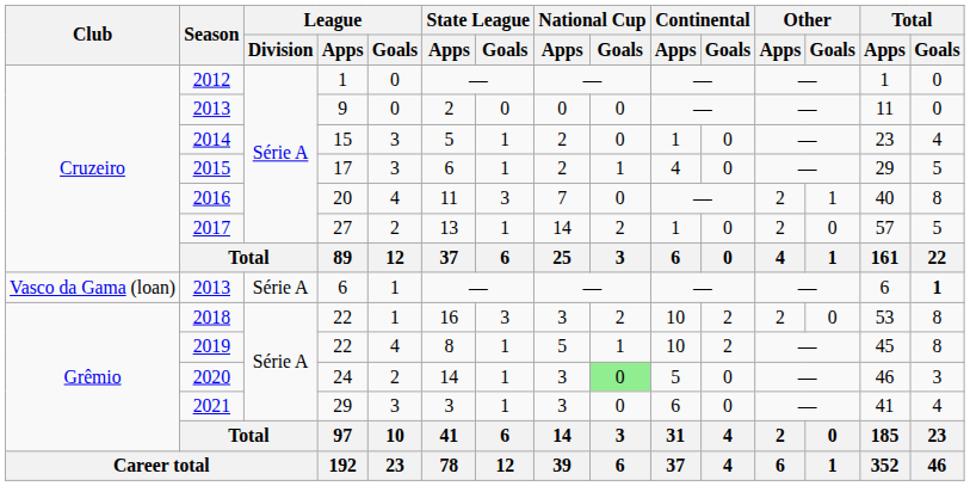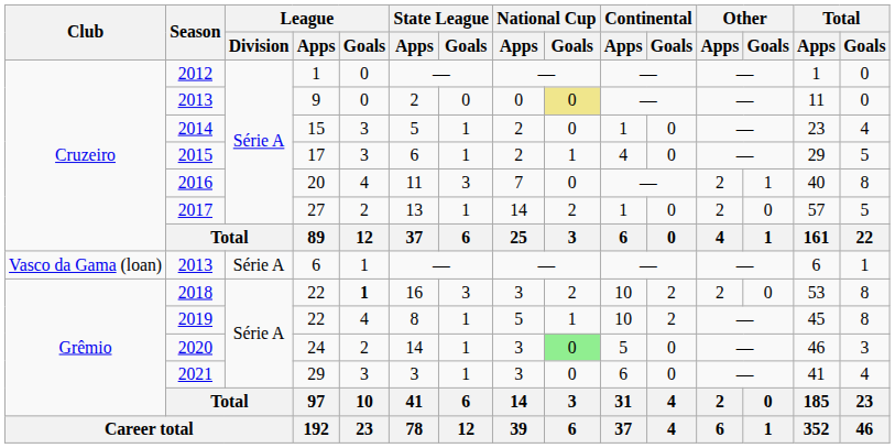 <table class="wikitable" style="text-align: center">
 <tr>
 <th rowspan="2">Club</th>
 <th rowspan="2">Season</th>
 <th colspan="3">League</th>
 <th colspan="2">State League</th>
 <th colspan="2">National Cup</th>
 <th colspan="2">Continental</th>
 <th colspan="2">Other</th>
 <th colspan="2">Total</th>
 </tr>
 <tr>
 <th>Division</th>
 <th>Apps</th>
 <th>Goals</th>
 <th>Apps</th>
 <th>Goals</th>
 <th>Apps</th>
 <th>Goals</th>
 <th>Apps</th>
 <th>Goals</th>
 <th>Apps</th>
 <th>Goals</th>
 <th>Apps</th>
 <th>Goals</th>
 </tr>
 <tr>
 <td rowspan="7"><a href='#'>Cruzeiro</a></td>
 <td><a href='#'>2012</a></td>
 <td rowspan="6"><a href='#'>Série A</a></td>
 <td>1</td>
 <td>0</td>
 <td colspan="2">—</td>
 <td colspan="2">—</td>
 <td colspan="2">—</td>
 <td colspan="2">—</td>
 <td>1</td>
 <td>0</td>
 </tr>
 <tr>
 <td><a href='#'>2013</a></td>
 <td>9</td>
 <td>0</td>
 <td>2</td>
 <td>0</td>
 <td>0</td>
-<td>0</td>
+<td style="background: khaki;">0</td>
 <td colspan="2">—</td>
 <td colspan="2">—</td>
 <td>11</td>
 <td>0</td>
 </tr>
 <tr>
 <td><a href='#'>2014</a></td>
 <td>15</td>
 <td>3</td>
 <td>5</td>
 <td>1</td>
 <td>2</td>
 <td>0</td>
 <td>1</td>
 <td>0</td>
 <td colspan="2">—</td>
 <td>23</td>
 <td>4</td>
 </tr>
 <tr>
 <td><a href='#'>2015</a></td>
 <td>17</td>
 <td>3</td>
 <td>6</td>
 <td>1</td>
 <td>2</td>
 <td>1</td>
 <td>4</td>
 <td>0</td>
 <td colspan="2">—</td>
 <td>29</td>
 <td>5</td>
 </tr>
 <tr>
 <td><a href='#'>2016</a></td>
 <td>20</td>
 <td>4</td>
 <td>11</td>
 <td>3</td>
 <td>7</td>
 <td>0</td>
 <td colspan="2">—</td>
 <td>2</td>
 <td>1</td>
 <td>40</td>
 <td>8</td>
 </tr>
 <tr>
 <td><a href='#'>2017</a></td>
 <td>27</td>
 <td>2</td>
 <td>13</td>
 <td>1</td>
 <td>14</td>
 <td>2</td>
 <td>1</td>
 <td>0</td>
 <td>2</td>
 <td>0</td>
 <td>57</td>
 <td>5</td>
 </tr>
 <tr>
 <th colspan="2">Total</th>
 <th>89</th>
 <th>12</th>
 <th>37</th>
 <th>6</th>
 <th>25</th>
 <th>3</th>
 <th>6</th>
 <th>0</th>
 <th>4</th>
 <th>1</th>
 <th>161</th>
 <th>22</th>
 </tr>
 <tr>
 <td><a href='#'>Vasco da Gama</a> (loan)</td>
 <td><a href='#'>2013</a></td>
 <td>Série A</td>
 <td>6</td>
 <td>1</td>
 <td colspan="2">—</td>
 <td colspan="2">—</td>
 <td colspan="2">—</td>
 <td colspan="2">—</td>
 <td>6</td>
-<td><strong>1</strong></td>
+<td>1</td>
 </tr>
 <tr>
 <td rowspan="5"><a href='#'>Grêmio</a></td>
 <td><a href='#'>2018</a></td>
 <td rowspan="4">Série A</td>
 <td>22</td>
-<td>1</td>
+<td><strong>1</strong></td>
 <td>16</td>
 <td>3</td>
 <td>3</td>
 <td>2</td>
 <td>10</td>
 <td>2</td>
 <td>2</td>
 <td>0</td>
 <td>53</td>
 <td>8</td>
 </tr>
 <tr>
 <td><a href='#'>2019</a></td>
 <td>22</td>
 <td>4</td>
 <td>8</td>
 <td>1</td>
 <td>5</td>
 <td>1</td>
 <td>10</td>
 <td>2</td>
 <td colspan="2">—</td>
 <td>45</td>
 <td>8</td>
 </tr>
 <tr>
 <td><a href='#'>2020</a></td>
 <td>24</td>
 <td>2</td>
 <td>14</td>
 <td>1</td>
 <td>3</td>
 <td style="background: lightgreen;">0</td>
 <td>5</td>
 <td>0</td>
 <td colspan="2">—</td>
 <td>46</td>
 <td>3</td>
 </tr>
 <tr>
 <td><a href='#'>2021</a></td>
 <td>29</td>
 <td>3</td>
 <td>3</td>
 <td>1</td>
 <td>3</td>
 <td>0</td>
 <td>6</td>
 <td>0</td>
 <td colspan="2">—</td>
 <td>41</td>
 <td>4</td>
 </tr>
 <tr>
 <th colspan="2">Total</th>
 <th>97</th>
 <th>10</th>
 <th>41</th>
 <th>6</th>
 <th>14</th>
 <th>3</th>
 <th>31</th>
 <th>4</th>
 <th>2</th>
 <th>0</th>
 <th>185</th>
 <th>23</th>
 </tr>
 <tr>
 <th colspan="3"><strong>Career total</strong></th>
 <th>192</th>
 <th>23</th>
 <th>78</th>
 <th>12</th>
 <th>39</th>
 <th>6</th>
 <th>37</th>
 <th>4</th>
 <th>6</th>
 <th>1</th>
 <th>352</th>
 <th>46</th>
 </tr>
 </table>
